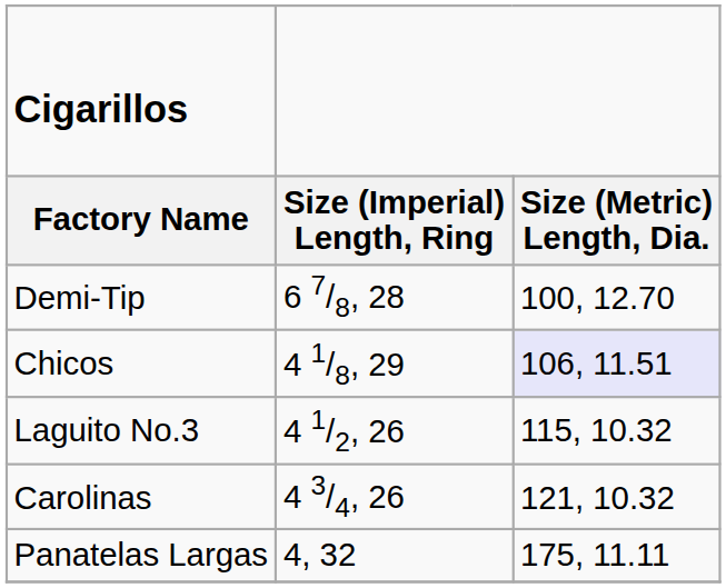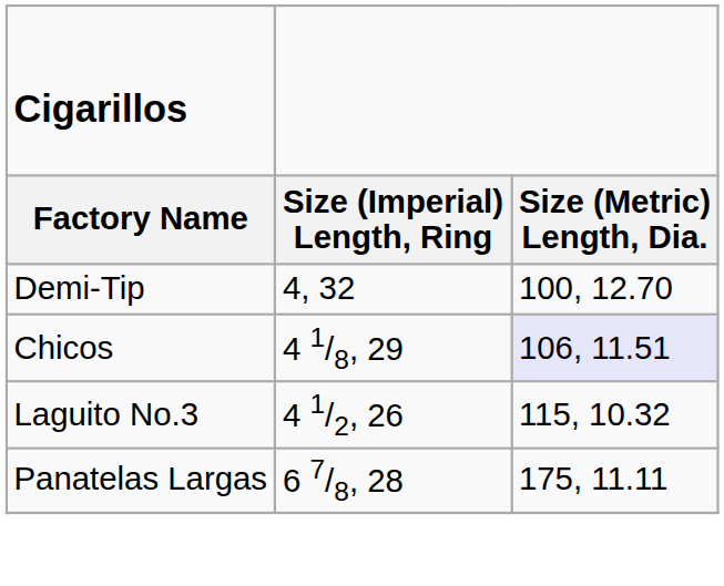 <table class="wikitable" style="font-size: 85%; margin:1em auto;">
 <tr>
 <td><br><h3>Cigarillos</h3></td>
 </tr>
 <tr>
 <th>Factory Name</th>
 <th>Size (Imperial)<br>Length, Ring</th>
 <th>Size (Metric)<br>Length, Dia.</th>
 </tr>
 <tr>
 <td>Demi-Tip</td>
-<td>6 <sup>7</sup>/<sub>8</sub>, 28</td>
+<td>4, 32</td>
 <td>100, 12.70</td>
 </tr>
 <tr>
 <td>Chicos</td>
 <td>4 <sup>1</sup>/<sub>8</sub>, 29</td>
 <td style="background: lavender;">106, 11.51</td>
 </tr>
 <tr>
 <td>Laguito No.3</td>
 <td>4 <sup>1</sup>/<sub>2</sub>, 26</td>
 <td>115, 10.32</td>
 </tr>
 <tr>
-<td>Carolinas</td>
-<td>4 <sup>3</sup>/<sub>4</sub>, 26</td>
-<td>121, 10.32</td>
-</tr>
-<tr>
 <td>Panatelas Largas</td>
-<td>4, 32</td>
+<td>6 <sup>7</sup>/<sub>8</sub>, 28</td>
 <td>175, 11.11</td>
 </tr>
 <tr>
 </tr>
 </table>
